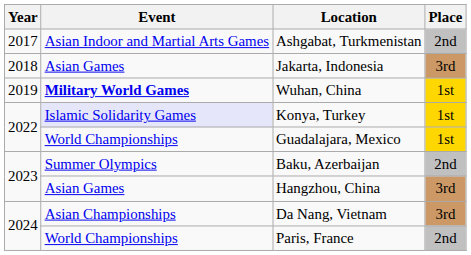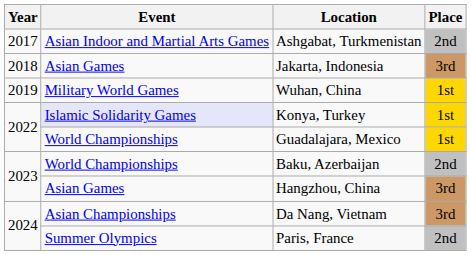 <table class="wikitable" style="text-align:center; font-size:95%;">
 <tr>
 <th align=center>Year</th>
 <th>Event</th>
 <th>Location</th>
 <th>Place</th>
 </tr>
 <tr>
 <td>2017</td>
 <td align="left"><a href='#'>Asian Indoor and Martial Arts Games</a></td>
 <td align="left">Ashgabat, Turkmenistan</td>
 <td align="center" bgcolor="silver">2nd</td>
 </tr>
 <tr>
 <td>2018</td>
 <td align="left"><a href='#'>Asian Games</a></td>
 <td align="left">Jakarta, Indonesia</td>
 <td align="center" bgcolor="cc9966">3rd</td>
 </tr>
 <tr>
 <td>2019</td>
-<td align="left"><strong><a href='#'>Military World Games</a></strong></td>
+<td align="left"><a href='#'>Military World Games</a></td>
 <td align="left">Wuhan, China</td>
 <td align="center" bgcolor="gold">1st</td>
 </tr>
 <tr>
 <td rowspan=2>2022</td>
 <td align="left" style="background: lavender;"><a href='#'>Islamic Solidarity Games</a></td>
 <td align="left">Konya, Turkey</td>
 <td align="center" bgcolor="gold">1st</td>
 </tr>
 <tr>
 <td align="left"><a href='#'>World Championships</a></td>
 <td align="left">Guadalajara, Mexico</td>
 <td align="center" bgcolor="gold">1st</td>
 </tr>
 <tr>
 <td rowspan=2>2023</td>
-<td align="left"><a href='#'>Summer Olympics</a></td>
+<td align="left"><a href='#'>World Championships</a></td>
 <td align="left">Baku, Azerbaijan</td>
 <td align="center" bgcolor="silver">2nd</td>
 </tr>
 <tr>
 <td align="left"><a href='#'>Asian Games</a></td>
 <td align="left">Hangzhou, China</td>
 <td align="center" bgcolor="cc9966">3rd</td>
 </tr>
 <tr>
 <td rowspan=2>2024</td>
 <td align="left"><a href='#'>Asian Championships</a></td>
 <td align="left">Da Nang, Vietnam</td>
 <td align="center" bgcolor="cc9966">3rd</td>
 </tr>
 <tr>
-<td align="left"><a href='#'>World Championships</a></td>
+<td align="left"><a href='#'>Summer Olympics</a></td>
 <td align="left">Paris, France</td>
 <td align="center" bgcolor="silver">2nd</td>
 </tr>
 </table>
